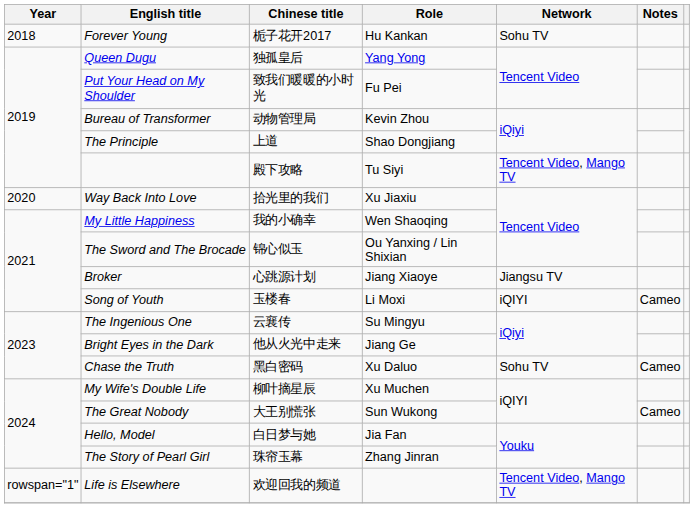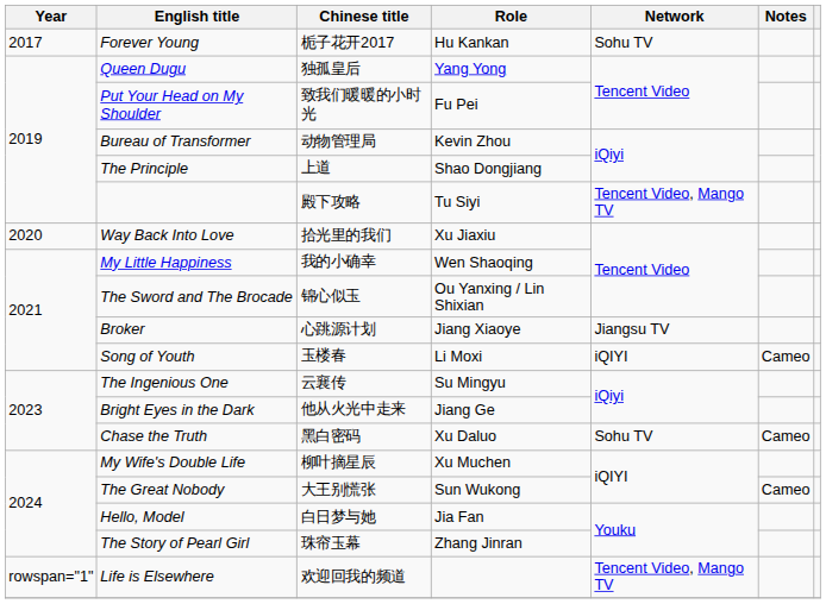 <table class="wikitable">
 <tr>
 <th>Year</th>
 <th>English title</th>
 <th>Chinese title</th>
 <th>Role</th>
 <th>Network</th>
 <th>Notes</th>
 <th></th>
 </tr>
 <tr>
-<td>2018</td>
+<td>2017</td>
 <td><em>Forever Young</em></td>
 <td>栀子花开2017</td>
 <td>Hu Kankan</td>
 <td>Sohu TV</td>
 <td></td>
 <td></td>
 </tr>
 <tr>
 <td rowspan="5">2019</td>
 <td><em><a href='#'>Queen Dugu</a></em></td>
 <td>独孤皇后</td>
 <td><a href='#'>Yang Yong</a></td>
 <td rowspan="2"><a href='#'>Tencent Video</a></td>
 <td></td>
 <td></td>
 </tr>
 <tr>
 <td><em><a href='#'>Put Your Head on My Shoulder</a></em></td>
 <td>致我们暖暖的小时光</td>
 <td>Fu Pei</td>
 <td></td>
 <td></td>
 </tr>
 <tr>
 <td><em>Bureau of Transformer</em></td>
 <td>动物管理局</td>
 <td>Kevin Zhou</td>
 <td rowspan="2"><a href='#'>iQiyi</a></td>
 <td></td>
 <td rowspan="2"></td>
 </tr>
 <tr>
 <td><em>The Principle</em></td>
 <td>上道</td>
 <td>Shao Dongjiang</td>
 <td></td>
 </tr>
 <tr>
 <td><em></em></td>
 <td>殿下攻略</td>
 <td>Tu Siyi</td>
 <td><a href='#'>Tencent Video</a>, <a href='#'>Mango TV</a></td>
 <td></td>
 <td></td>
 </tr>
 <tr>
 <td>2020</td>
 <td><em>Way Back Into Love</em></td>
 <td>拾光里的我们</td>
 <td>Xu Jiaxiu</td>
 <td rowspan="3"><a href='#'>Tencent Video</a></td>
 <td></td>
 <td></td>
 </tr>
 <tr>
 <td rowspan="4">2021</td>
 <td><em><a href='#'>My Little Happiness</a></em></td>
 <td>我的小确幸</td>
 <td>Wen Shaoqing</td>
 <td></td>
 <td></td>
 </tr>
 <tr>
 <td><em>The Sword and The Brocade</em></td>
 <td>锦心似玉</td>
 <td>Ou Yanxing / Lin Shixian</td>
 <td></td>
 <td></td>
 </tr>
 <tr>
 <td><em>Broker</em></td>
 <td>心跳源计划</td>
 <td>Jiang Xiaoye</td>
 <td>Jiangsu TV</td>
 <td></td>
 <td></td>
 </tr>
 <tr>
 <td><em>Song of Youth</em></td>
 <td>玉楼春</td>
 <td>Li Moxi</td>
 <td>iQIYI</td>
 <td>Cameo</td>
 <td></td>
 </tr>
 <tr>
 <td rowspan="3">2023</td>
 <td><em>The Ingenious One</em></td>
 <td>云襄传</td>
 <td>Su Mingyu</td>
 <td rowspan="2"><a href='#'>iQiyi</a></td>
 <td></td>
 <td></td>
 </tr>
 <tr>
 <td><em>Bright Eyes in the Dark</em></td>
 <td>他从火光中走来</td>
 <td>Jiang Ge</td>
 <td></td>
 <td></td>
 </tr>
 <tr>
 <td><em>Chase the Truth</em></td>
 <td>黑白密码</td>
 <td>Xu Daluo</td>
 <td>Sohu TV</td>
 <td>Cameo</td>
 <td></td>
 </tr>
 <tr>
 <td rowspan="4">2024</td>
 <td><em>My Wife's Double Life</em></td>
 <td>柳叶摘星辰</td>
 <td>Xu Muchen</td>
 <td rowspan="2">iQIYI</td>
 <td></td>
 <td></td>
 </tr>
 <tr>
 <td><em>The Great Nobody</em></td>
 <td>大王别慌张</td>
 <td>Sun Wukong</td>
 <td>Cameo</td>
 <td></td>
 </tr>
 <tr>
 <td><em>Hello, Model</em></td>
 <td>白日梦与她</td>
 <td>Jia Fan</td>
 <td rowspan="2"><a href='#'>Youku</a></td>
 <td></td>
 <td></td>
 </tr>
 <tr>
 <td><em>The Story of Pearl Girl</em></td>
 <td>珠帘玉幕</td>
 <td>Zhang Jinran</td>
 <td></td>
 <td></td>
 </tr>
 <tr>
 <td>rowspan="1" </td>
 <td><em>Life is Elsewhere</em></td>
 <td>欢迎回我的频道</td>
 <td></td>
 <td><a href='#'>Tencent Video</a>, <a href='#'>Mango TV</a></td>
 <td></td>
 <td></td>
 </tr>
 <tr>
 </tr>
 </table>
